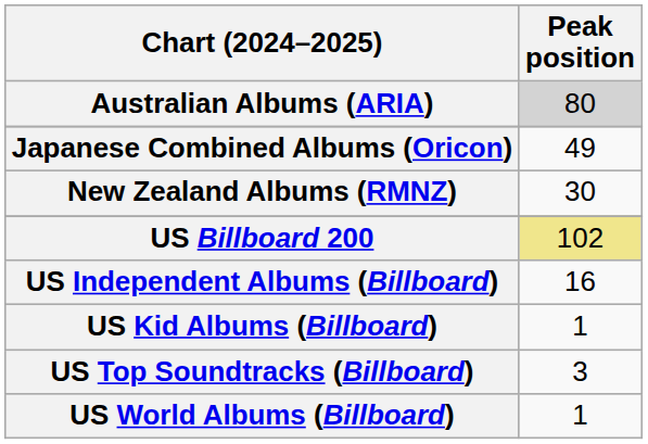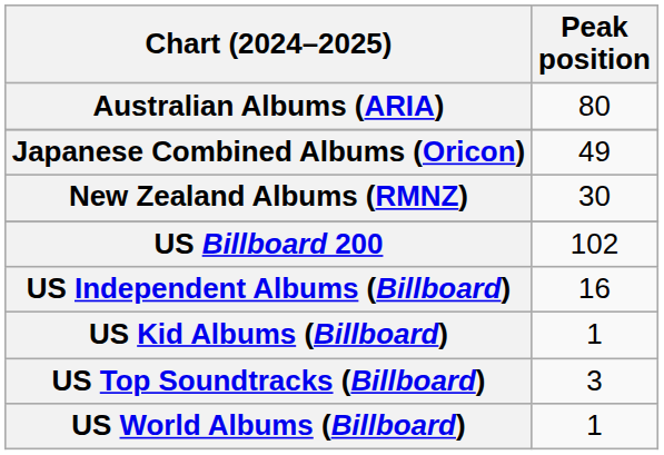 <table class="wikitable sortable plainrowheaders" style="text-align:center">
 <tr>
 <th scope="col">Chart (2024–2025)</th>
 <th scope="col">Peak<br>position</th>
 </tr>
 <tr>
 <th scope="row">Australian Albums (<a href='#'>ARIA</a>)</th>
-<td style="background: lightgrey;">80</td>
+<td>80</td>
 </tr>
 <tr>
 </tr>
 <tr>
 </tr>
 <tr>
 </tr>
 <tr>
 <th scope="row">Japanese Combined Albums (<a href='#'>Oricon</a>)</th>
 <td>49</td>
 </tr>
 <tr>
 <th scope="row">New Zealand Albums (<a href='#'>RMNZ</a>)</th>
 <td>30</td>
 </tr>
 <tr>
 </tr>
 <tr>
 </tr>
 <tr>
 <th scope="row">US <a href='#'><em>Billboard</em> 200</a></th>
-<td style="background: khaki;">102</td>
+<td>102</td>
 </tr>
 <tr>
 <th scope="row">US <a href='#'>Independent Albums</a> (<em><a href='#'>Billboard</a></em>)</th>
 <td>16</td>
 </tr>
 <tr>
 <th scope="row">US <a href='#'>Kid Albums</a> (<a href='#'><em>Billboard</em></a>)</th>
 <td>1</td>
 </tr>
 <tr>
 <th scope="row">US <a href='#'>Top Soundtracks</a> (<em><a href='#'>Billboard</a></em>)</th>
 <td>3</td>
 </tr>
 <tr>
 <th scope="row">US <a href='#'>World Albums</a> (<em><a href='#'>Billboard</a></em>)</th>
 <td>1</td>
 </tr>
 </table>
